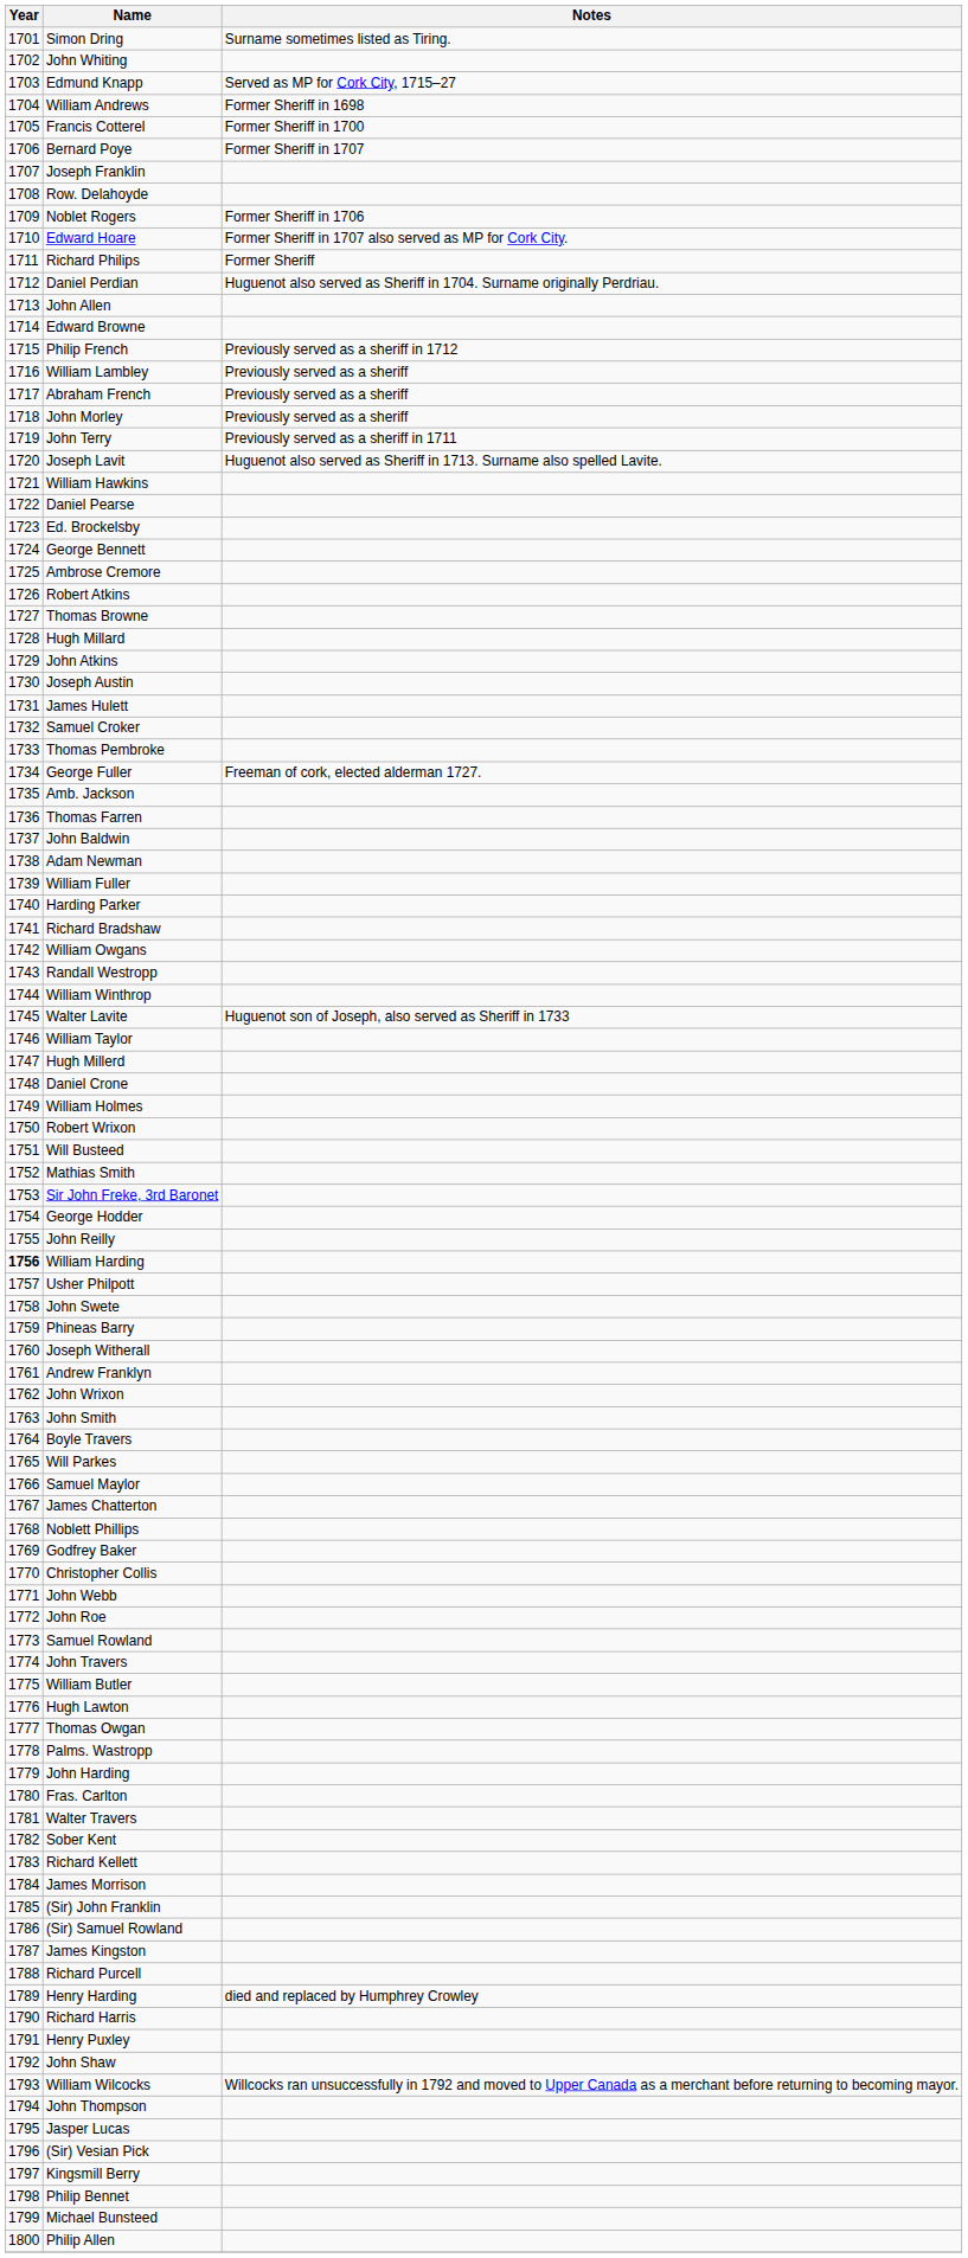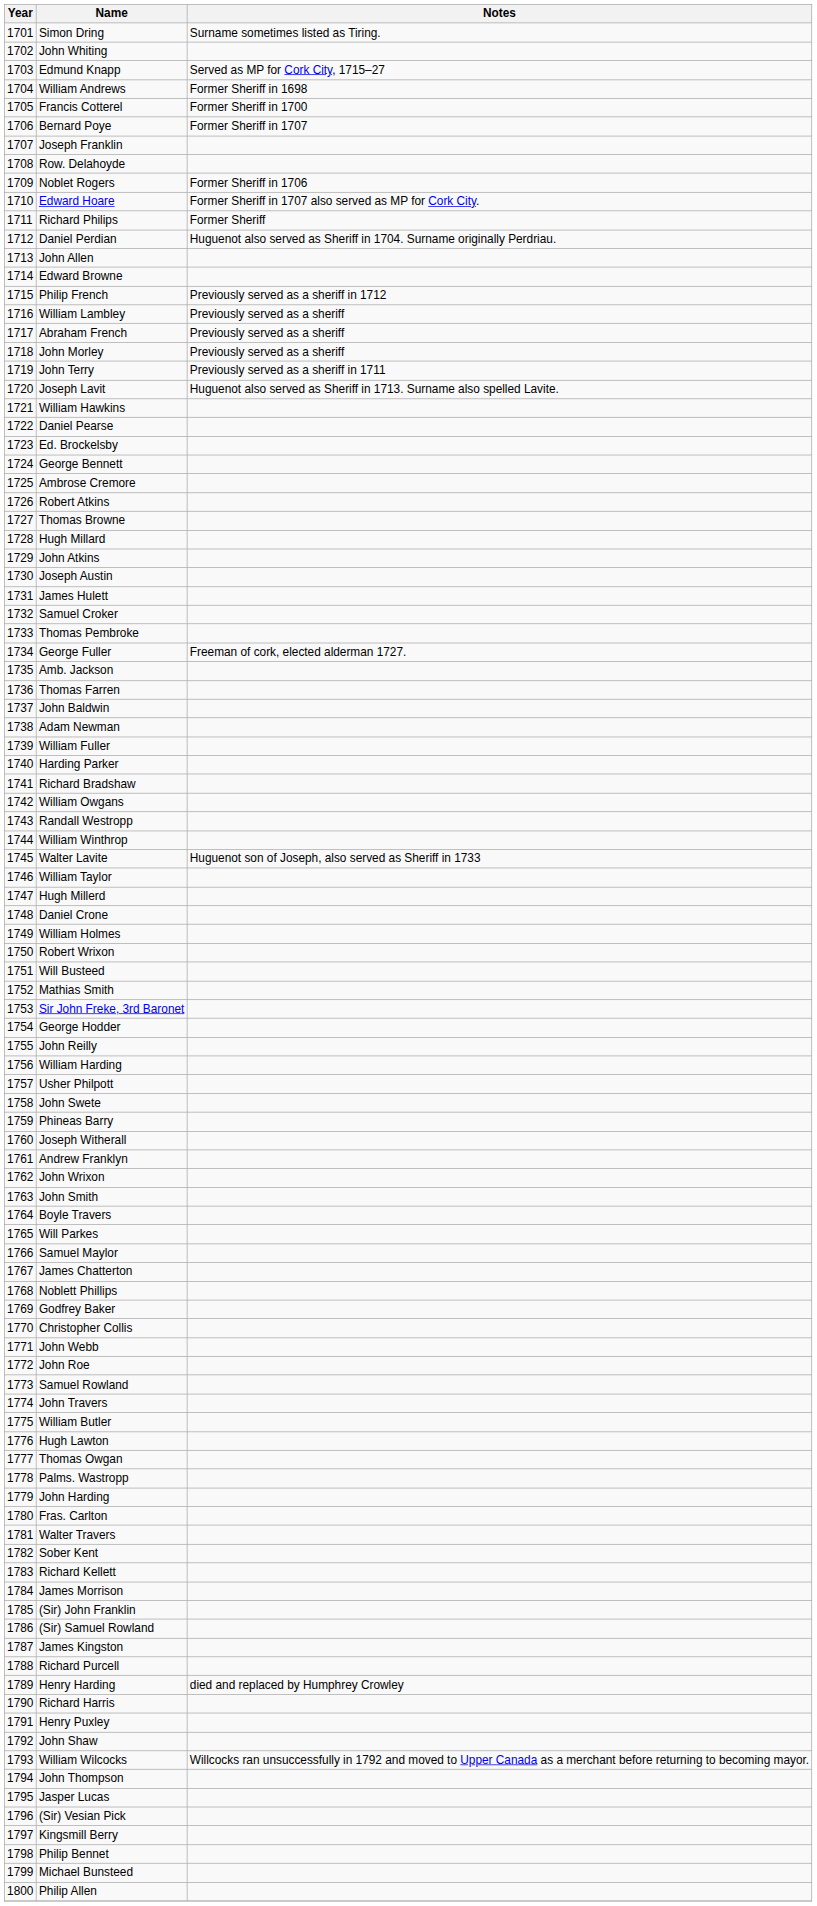 <table class="wikitable">
 <tr>
 <th>Year</th>
 <th>Name</th>
 <th>Notes</th>
 </tr>
 <tr>
 <td>1701</td>
 <td>Simon Dring</td>
 <td>Surname sometimes listed as Tiring.</td>
 </tr>
 <tr>
 <td>1702</td>
 <td>John Whiting</td>
 <td></td>
 </tr>
 <tr>
 <td>1703</td>
 <td>Edmund Knapp</td>
 <td>Served as MP for <a href='#'>Cork City</a>, 1715–27</td>
 </tr>
 <tr>
 <td>1704</td>
 <td>William Andrews</td>
 <td>Former Sheriff in 1698</td>
 </tr>
 <tr>
 <td>1705</td>
 <td>Francis Cotterel</td>
 <td>Former Sheriff in 1700</td>
 </tr>
 <tr>
 <td>1706</td>
 <td>Bernard Poye</td>
 <td>Former Sheriff in 1707</td>
 </tr>
 <tr>
 <td>1707</td>
 <td>Joseph Franklin</td>
 <td></td>
 </tr>
 <tr>
 <td>1708</td>
 <td>Row. Delahoyde</td>
 <td></td>
 </tr>
 <tr>
 <td>1709</td>
 <td>Noblet Rogers</td>
 <td>Former Sheriff in 1706</td>
 </tr>
 <tr>
 <td>1710</td>
 <td><a href='#'>Edward Hoare</a></td>
 <td>Former Sheriff in 1707 also served as MP for <a href='#'>Cork City</a>.</td>
 </tr>
 <tr>
 <td>1711</td>
 <td>Richard Philips</td>
 <td>Former Sheriff</td>
 </tr>
 <tr>
 <td>1712</td>
 <td>Daniel Perdian</td>
 <td>Huguenot also served as Sheriff in 1704. Surname originally Perdriau.</td>
 </tr>
 <tr>
 <td>1713</td>
 <td>John Allen</td>
 <td></td>
 </tr>
 <tr>
 <td>1714</td>
 <td>Edward Browne</td>
 <td></td>
 </tr>
 <tr>
 <td>1715</td>
 <td>Philip French</td>
 <td>Previously served as a sheriff in 1712</td>
 </tr>
 <tr>
 <td>1716</td>
 <td>William Lambley</td>
 <td>Previously served as a sheriff</td>
 </tr>
 <tr>
 <td>1717</td>
 <td>Abraham French</td>
 <td>Previously served as a sheriff</td>
 </tr>
 <tr>
 <td>1718</td>
 <td>John Morley</td>
 <td>Previously served as a sheriff</td>
 </tr>
 <tr>
 <td>1719</td>
 <td>John Terry</td>
 <td>Previously served as a sheriff in 1711</td>
 </tr>
 <tr>
 <td>1720</td>
 <td>Joseph Lavit</td>
 <td>Huguenot also served as Sheriff in 1713. Surname also spelled Lavite.</td>
 </tr>
 <tr>
 <td>1721</td>
 <td>William Hawkins</td>
 <td></td>
 </tr>
 <tr>
 <td>1722</td>
 <td>Daniel Pearse</td>
 <td></td>
 </tr>
 <tr>
 <td>1723</td>
 <td>Ed. Brockelsby</td>
 <td></td>
 </tr>
 <tr>
 <td>1724</td>
 <td>George Bennett</td>
 <td></td>
 </tr>
 <tr>
 <td>1725</td>
 <td>Ambrose Cremore</td>
 <td></td>
 </tr>
 <tr>
 <td>1726</td>
 <td>Robert Atkins</td>
 <td></td>
 </tr>
 <tr>
 <td>1727</td>
 <td>Thomas Browne</td>
 <td></td>
 </tr>
 <tr>
 <td>1728</td>
 <td>Hugh Millard</td>
 <td></td>
 </tr>
 <tr>
 <td>1729</td>
 <td>John Atkins</td>
 <td></td>
 </tr>
 <tr>
 <td>1730</td>
 <td>Joseph Austin</td>
 <td></td>
 </tr>
 <tr>
 <td>1731</td>
 <td>James Hulett</td>
 <td></td>
 </tr>
 <tr>
 <td>1732</td>
 <td>Samuel Croker</td>
 <td></td>
 </tr>
 <tr>
 <td>1733</td>
 <td>Thomas Pembroke</td>
 <td></td>
 </tr>
 <tr>
 <td>1734</td>
 <td>George Fuller</td>
 <td>Freeman of cork, elected alderman 1727.</td>
 </tr>
 <tr>
 <td>1735</td>
 <td>Amb. Jackson</td>
 <td></td>
 </tr>
 <tr>
 <td>1736</td>
 <td>Thomas Farren</td>
 <td></td>
 </tr>
 <tr>
 <td>1737</td>
 <td>John Baldwin</td>
 <td></td>
 </tr>
 <tr>
 <td>1738</td>
 <td>Adam Newman</td>
 <td></td>
 </tr>
 <tr>
 <td>1739</td>
 <td>William Fuller</td>
 <td></td>
 </tr>
 <tr>
 <td>1740</td>
 <td>Harding Parker</td>
 <td></td>
 </tr>
 <tr>
 <td>1741</td>
 <td>Richard Bradshaw</td>
 <td></td>
 </tr>
 <tr>
 <td>1742</td>
 <td>William Owgans</td>
 <td></td>
 </tr>
 <tr>
 <td>1743</td>
 <td>Randall Westropp</td>
 <td></td>
 </tr>
 <tr>
 <td>1744</td>
 <td>William Winthrop</td>
 <td></td>
 </tr>
 <tr>
 <td>1745</td>
 <td>Walter Lavite</td>
 <td>Huguenot son of Joseph, also served as Sheriff in 1733</td>
 </tr>
 <tr>
 <td>1746</td>
 <td>William Taylor </td>
 <td></td>
 </tr>
 <tr>
 <td>1747</td>
 <td>Hugh Millerd  </td>
 <td></td>
 </tr>
 <tr>
 <td>1748</td>
 <td>Daniel Crone  </td>
 <td></td>
 </tr>
 <tr>
 <td>1749</td>
 <td>William Holmes  </td>
 <td></td>
 </tr>
 <tr>
 <td>1750</td>
 <td>Robert Wrixon  </td>
 <td></td>
 </tr>
 <tr>
 <td>1751</td>
 <td>Will Busteed  </td>
 <td></td>
 </tr>
 <tr>
 <td>1752</td>
 <td>Mathias Smith  </td>
 <td></td>
 </tr>
 <tr>
 <td>1753</td>
 <td><a href='#'>Sir John Freke, 3rd Baronet</a></td>
 <td></td>
 </tr>
 <tr>
 <td>1754</td>
 <td>George Hodder  </td>
 <td></td>
 </tr>
 <tr>
 <td>1755</td>
 <td>John Reilly </td>
 <td></td>
 </tr>
 <tr>
-<td><strong>1756</strong></td>
+<td>1756</td>
 <td>William Harding  </td>
 <td></td>
 </tr>
 <tr>
 <td>1757</td>
 <td>Usher Philpott  </td>
 <td></td>
 </tr>
 <tr>
 <td>1758</td>
 <td>John Swete  </td>
 <td></td>
 </tr>
 <tr>
 <td>1759</td>
 <td>Phineas Barry  </td>
 <td></td>
 </tr>
 <tr>
 <td>1760</td>
 <td>Joseph Witherall  </td>
 <td></td>
 </tr>
 <tr>
 <td>1761</td>
 <td>Andrew Franklyn  </td>
 <td></td>
 </tr>
 <tr>
 <td>1762</td>
 <td>John Wrixon </td>
 <td></td>
 </tr>
 <tr>
 <td>1763</td>
 <td>John Smith  </td>
 <td></td>
 </tr>
 <tr>
 <td>1764</td>
 <td>Boyle Travers </td>
 <td></td>
 </tr>
 <tr>
 <td>1765</td>
 <td>Will Parkes </td>
 <td></td>
 </tr>
 <tr>
 <td>1766</td>
 <td>Samuel Maylor  </td>
 <td></td>
 </tr>
 <tr>
 <td>1767</td>
 <td>James Chatterton </td>
 <td></td>
 </tr>
 <tr>
 <td>1768</td>
 <td>Noblett Phillips </td>
 <td></td>
 </tr>
 <tr>
 <td>1769</td>
 <td>Godfrey Baker </td>
 <td></td>
 </tr>
 <tr>
 <td>1770</td>
 <td>Christopher Collis </td>
 <td></td>
 </tr>
 <tr>
 <td>1771</td>
 <td>John Webb  </td>
 <td></td>
 </tr>
 <tr>
 <td>1772</td>
 <td>John Roe  </td>
 <td></td>
 </tr>
 <tr>
 <td>1773</td>
 <td>Samuel Rowland  </td>
 <td></td>
 </tr>
 <tr>
 <td>1774</td>
 <td>John Travers  </td>
 <td></td>
 </tr>
 <tr>
 <td>1775</td>
 <td>William Butler  </td>
 <td></td>
 </tr>
 <tr>
 <td>1776</td>
 <td>Hugh Lawton  </td>
 <td></td>
 </tr>
 <tr>
 <td>1777</td>
 <td>Thomas Owgan  </td>
 <td></td>
 </tr>
 <tr>
 <td>1778</td>
 <td>Palms. Wastropp  </td>
 <td></td>
 </tr>
 <tr>
 <td>1779</td>
 <td>John Harding  </td>
 <td></td>
 </tr>
 <tr>
 <td>1780</td>
 <td>Fras. Carlton  </td>
 <td></td>
 </tr>
 <tr>
 <td>1781</td>
 <td>Walter Travers  </td>
 <td></td>
 </tr>
 <tr>
 <td>1782</td>
 <td>Sober Kent  </td>
 <td></td>
 </tr>
 <tr>
 <td>1783</td>
 <td>Richard Kellett  </td>
 <td></td>
 </tr>
 <tr>
 <td>1784</td>
 <td>James Morrison  </td>
 <td></td>
 </tr>
 <tr>
 <td>1785</td>
 <td>(Sir) John Franklin </td>
 <td></td>
 </tr>
 <tr>
 <td>1786</td>
 <td>(Sir) Samuel Rowland </td>
 <td></td>
 </tr>
 <tr>
 <td>1787</td>
 <td>James Kingston  </td>
 <td></td>
 </tr>
 <tr>
 <td>1788</td>
 <td>Richard Purcell  </td>
 <td></td>
 </tr>
 <tr>
 <td>1789</td>
 <td>Henry Harding  </td>
 <td>died and replaced by Humphrey Crowley</td>
 </tr>
 <tr>
 <td>1790</td>
 <td>Richard Harris  </td>
 <td></td>
 </tr>
 <tr>
 <td>1791</td>
 <td>Henry Puxley  </td>
 <td></td>
 </tr>
 <tr>
 <td>1792</td>
 <td>John Shaw</td>
 <td></td>
 </tr>
 <tr>
 <td>1793</td>
 <td>William Wilcocks</td>
 <td>Willcocks ran unsuccessfully in 1792 and moved to <a href='#'>Upper Canada</a> as a merchant before returning to becoming mayor.</td>
 </tr>
 <tr>
 <td>1794</td>
 <td>John Thompson</td>
 <td></td>
 </tr>
 <tr>
 <td>1795</td>
 <td>Jasper Lucas  </td>
 <td></td>
 </tr>
 <tr>
 <td>1796</td>
 <td>(Sir) Vesian Pick</td>
 <td></td>
 </tr>
 <tr>
 <td>1797</td>
 <td>Kingsmill Berry  </td>
 <td></td>
 </tr>
 <tr>
 <td>1798</td>
 <td>Philip Bennet  </td>
 <td></td>
 </tr>
 <tr>
 <td>1799</td>
 <td>Michael Bunsteed  </td>
 <td></td>
 </tr>
 <tr>
 <td>1800</td>
 <td>Philip Allen</td>
 <td></td>
 </tr>
 <tr>
 </tr>
 </table>
